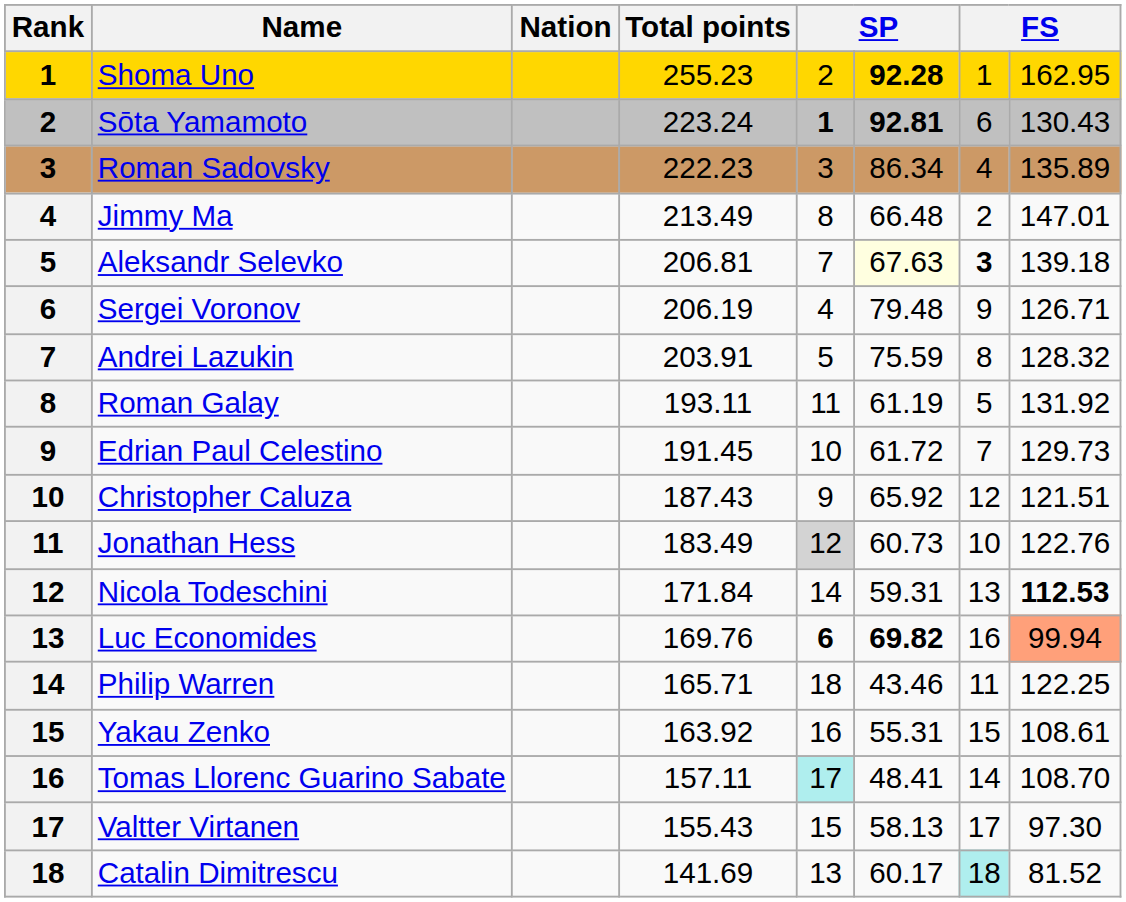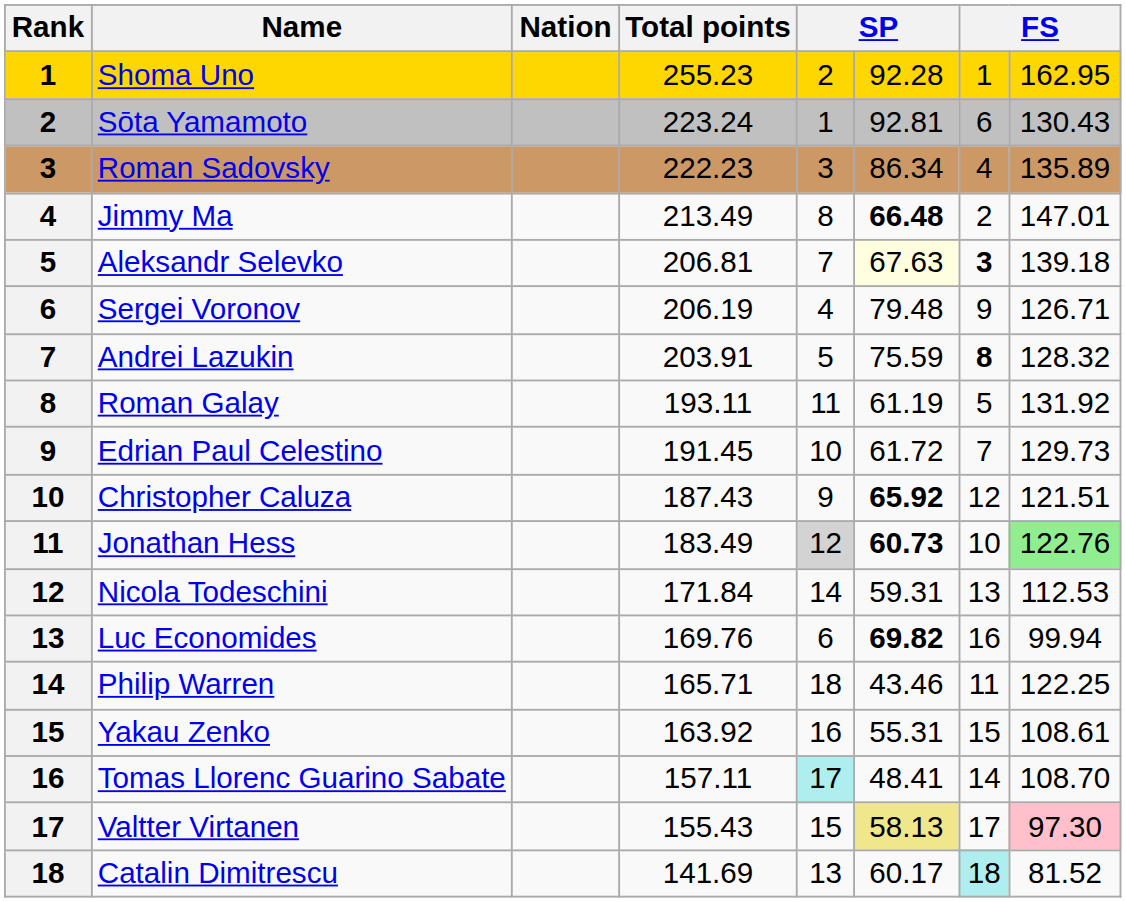 <table class="wikitable sortable">
 <tr>
 <th>Rank</th>
 <th>Name</th>
 <th>Nation</th>
 <th>Total points</th>
 <th colspan="2" width="80px"><a href='#'>SP</a></th>
 <th colspan="2" width="80px"><a href='#'>FS</a></th>
 </tr>
 <tr bgcolor="gold">
 <td align="center"><strong>1</strong></td>
 <td><a href='#'>Shoma Uno</a></td>
 <td></td>
 <td align="center">255.23</td>
 <td align="center">2</td>
-<td align="center"><strong>92.28</strong></td>
+<td align="center">92.28</td>
 <td align="center">1</td>
 <td align="center">162.95</td>
 </tr>
 <tr bgcolor="silver">
 <td align="center"><strong>2</strong></td>
 <td><a href='#'>Sōta Yamamoto</a></td>
 <td></td>
 <td align="center">223.24</td>
-<td align="center"><strong>1</strong></td>
-<td align="center"><strong>92.81</strong></td>
+<td align="center">1</td>
+<td align="center">92.81</td>
 <td align="center">6</td>
 <td align="center">130.43</td>
 </tr>
 <tr bgcolor="cc9966">
 <td align="center"><strong>3</strong></td>
 <td><a href='#'>Roman Sadovsky</a></td>
 <td></td>
 <td align="center">222.23</td>
 <td align="center">3</td>
 <td align="center">86.34</td>
 <td align="center">4</td>
 <td align="center">135.89</td>
 </tr>
 <tr>
 <th>4</th>
 <td><a href='#'>Jimmy Ma</a></td>
 <td></td>
 <td align="center">213.49</td>
 <td align="center">8</td>
-<td align="center">66.48</td>
+<td align="center"><strong>66.48</strong></td>
 <td align="center">2</td>
 <td align="center">147.01</td>
 </tr>
 <tr>
 <th>5</th>
 <td><a href='#'>Aleksandr Selevko</a></td>
 <td></td>
 <td align="center">206.81</td>
 <td align="center">7</td>
 <td align="center" style="background: lightyellow;">67.63</td>
 <td align="center"><strong>3</strong></td>
 <td align="center">139.18</td>
 </tr>
 <tr>
 <th>6</th>
 <td><a href='#'>Sergei Voronov</a></td>
 <td></td>
 <td align="center">206.19</td>
 <td align="center">4</td>
 <td align="center">79.48</td>
 <td align="center">9</td>
 <td align="center">126.71</td>
 </tr>
 <tr>
 <th>7</th>
 <td><a href='#'>Andrei Lazukin</a></td>
 <td></td>
 <td align="center">203.91</td>
 <td align="center">5</td>
 <td align="center">75.59</td>
-<td align="center">8</td>
+<td align="center"><strong>8</strong></td>
 <td align="center">128.32</td>
 </tr>
 <tr>
 <th>8</th>
 <td><a href='#'>Roman Galay</a></td>
 <td></td>
 <td align="center">193.11</td>
 <td align="center">11</td>
 <td align="center">61.19</td>
 <td align="center">5</td>
 <td align="center">131.92</td>
 </tr>
 <tr>
 <th>9</th>
 <td><a href='#'>Edrian Paul Celestino</a></td>
 <td></td>
 <td align="center">191.45</td>
 <td align="center">10</td>
 <td align="center">61.72</td>
 <td align="center">7</td>
 <td align="center">129.73</td>
 </tr>
 <tr>
 <th>10</th>
 <td><a href='#'>Christopher Caluza</a></td>
 <td></td>
 <td align="center">187.43</td>
 <td align="center">9</td>
-<td align="center">65.92</td>
+<td align="center"><strong>65.92</strong></td>
 <td align="center">12</td>
 <td align="center">121.51</td>
 </tr>
 <tr>
 <th>11</th>
 <td><a href='#'>Jonathan Hess</a></td>
 <td></td>
 <td align="center">183.49</td>
 <td align="center" style="background: lightgrey;">12</td>
-<td align="center">60.73</td>
+<td align="center"><strong>60.73</strong></td>
 <td align="center">10</td>
-<td align="center">122.76</td>
+<td align="center" style="background: lightgreen;">122.76</td>
 </tr>
 <tr>
 <th>12</th>
 <td><a href='#'>Nicola Todeschini</a></td>
 <td></td>
 <td align="center">171.84</td>
 <td align="center">14</td>
 <td align="center">59.31</td>
 <td align="center">13</td>
-<td align="center"><strong>112.53</strong></td>
+<td align="center">112.53</td>
 </tr>
 <tr>
 <th>13</th>
 <td><a href='#'>Luc Economides</a></td>
 <td></td>
 <td align="center">169.76</td>
-<td align="center"><strong>6</strong></td>
+<td align="center">6</td>
 <td align="center"><strong>69.82</strong></td>
 <td align="center">16</td>
-<td align="center" style="background: lightsalmon;">99.94</td>
+<td align="center">99.94</td>
 </tr>
 <tr>
 <th>14</th>
 <td><a href='#'>Philip Warren</a></td>
 <td></td>
 <td align="center">165.71</td>
 <td align="center">18</td>
 <td align="center">43.46</td>
 <td align="center">11</td>
 <td align="center">122.25</td>
 </tr>
 <tr>
 <th>15</th>
 <td><a href='#'>Yakau Zenko</a></td>
 <td></td>
 <td align="center">163.92</td>
 <td align="center">16</td>
 <td align="center">55.31</td>
 <td align="center">15</td>
 <td align="center">108.61</td>
 </tr>
 <tr>
 <th>16</th>
 <td><a href='#'>Tomas Llorenc Guarino Sabate</a></td>
 <td></td>
 <td align="center">157.11</td>
 <td align="center" style="background: paleturquoise;">17</td>
 <td align="center">48.41</td>
 <td align="center">14</td>
 <td align="center">108.70</td>
 </tr>
 <tr>
 <th>17</th>
 <td><a href='#'>Valtter Virtanen</a></td>
 <td></td>
 <td align="center">155.43</td>
 <td align="center">15</td>
-<td align="center">58.13</td>
+<td align="center" style="background: khaki;">58.13</td>
 <td align="center">17</td>
-<td align="center">97.30</td>
+<td align="center" style="background: pink;">97.30</td>
 </tr>
 <tr>
 <th>18</th>
 <td><a href='#'>Catalin Dimitrescu</a></td>
 <td></td>
 <td align="center">141.69</td>
 <td align="center">13</td>
 <td align="center">60.17</td>
 <td align="center" style="background: paleturquoise;">18</td>
 <td align="center">81.52</td>
 </tr>
 </table>
